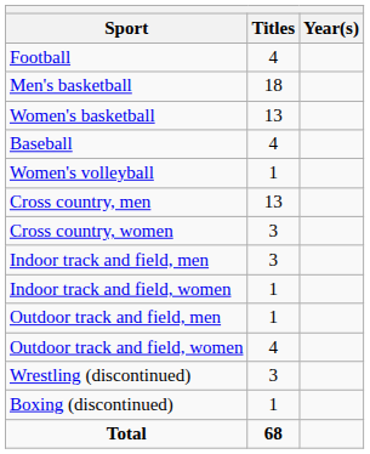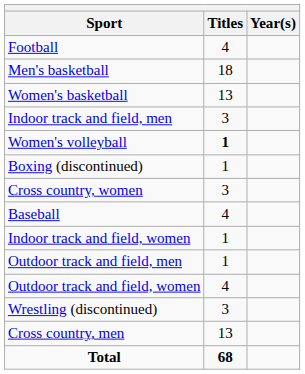 <table class="wikitable">
 <tr>
 <th colspan=3></th>
 </tr>
 <tr>
 <th>Sport</th>
 <th>Titles</th>
 <th>Year(s)</th>
 </tr>
 <tr>
 <td><a href='#'>Football</a></td>
 <td style="text-align:center;">4</td>
 <td></td>
 </tr>
 <tr>
 <td><a href='#'>Men's basketball</a></td>
 <td style="text-align:center;">18</td>
 <td></td>
 </tr>
 <tr>
 <td><a href='#'>Women's basketball</a></td>
 <td style="text-align:center;">13</td>
 <td></td>
 </tr>
 <tr>
-<td><a href='#'>Baseball</a></td>
-<td style="text-align:center;">4</td>
+<td><a href='#'>Indoor track and field, men</a></td>
+<td style="text-align:center;">3</td>
 <td></td>
 </tr>
 <tr>
 <td><a href='#'>Women's volleyball</a></td>
-<td style="text-align:center;">1</td>
+<td style="text-align:center;"><strong>1</strong></td>
 <td></td>
 </tr>
 <tr>
-<td><a href='#'>Cross country, men</a></td>
-<td style="text-align:center;">13</td>
+<td><a href='#'>Boxing</a> (discontinued)</td>
+<td style="text-align:center;">1</td>
 <td></td>
 </tr>
 <tr>
 <td><a href='#'>Cross country, women</a></td>
 <td style="text-align:center;">3</td>
 <td></td>
 </tr>
 <tr>
-<td><a href='#'>Indoor track and field, men</a></td>
-<td style="text-align:center;">3</td>
+<td><a href='#'>Baseball</a></td>
+<td style="text-align:center;">4</td>
 <td></td>
 </tr>
 <tr>
 <td><a href='#'>Indoor track and field, women</a></td>
 <td style="text-align:center;">1</td>
 <td></td>
 </tr>
 <tr>
 <td><a href='#'>Outdoor track and field, men</a></td>
 <td style="text-align:center;">1</td>
 <td></td>
 </tr>
 <tr>
 <td><a href='#'>Outdoor track and field, women</a></td>
 <td style="text-align:center;">4</td>
 <td></td>
 </tr>
 <tr>
 <td><a href='#'>Wrestling</a> (discontinued)</td>
 <td style="text-align:center;">3</td>
 <td></td>
 </tr>
 <tr>
-<td><a href='#'>Boxing</a> (discontinued)</td>
-<td style="text-align:center;">1</td>
+<td><a href='#'>Cross country, men</a></td>
+<td style="text-align:center;">13</td>
 <td></td>
 </tr>
 <tr>
 <td style="text-align:center;"><strong>Total</strong></td>
 <td style="text-align:center;"><strong>68</strong></td>
 <td></td>
 </tr>
 </table>
